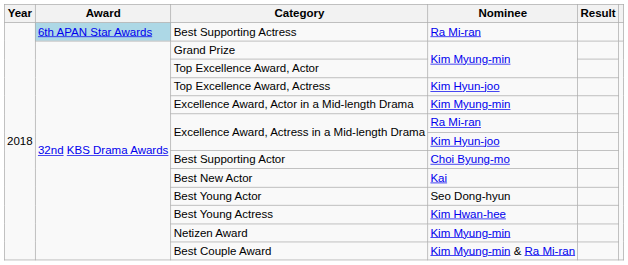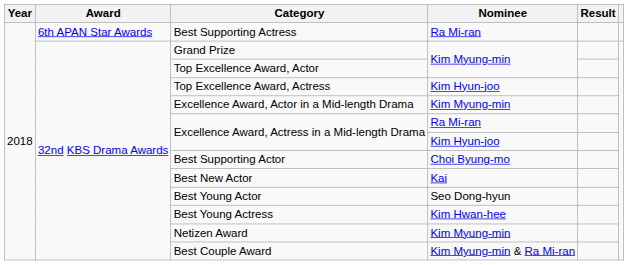 <table class="wikitable">
 <tr>
 <th>Year</th>
 <th>Award</th>
 <th>Category</th>
 <th>Nominee</th>
 <th>Result</th>
 <th></th>
 </tr>
 <tr>
 <td rowspan="13">2018</td>
-<td style="background: lightblue;"><a href='#'>6th APAN Star Awards</a></td>
+<td><a href='#'>6th APAN Star Awards</a></td>
 <td>Best Supporting Actress</td>
 <td><a href='#'>Ra Mi-ran</a></td>
 <td></td>
 <td></td>
 </tr>
 <tr>
 <td rowspan="12"><a href='#'>32nd</a> <a href='#'>KBS Drama Awards</a></td>
 <td>Grand Prize</td>
 <td rowspan="2"><a href='#'>Kim Myung-min</a></td>
 <td></td>
 <td rowspan="12"></td>
 </tr>
 <tr>
 <td>Top Excellence Award, Actor</td>
 <td></td>
 </tr>
 <tr>
 <td>Top Excellence Award, Actress</td>
 <td><a href='#'>Kim Hyun-joo</a></td>
 <td></td>
 </tr>
 <tr>
 <td>Excellence Award, Actor in a Mid-length Drama</td>
 <td><a href='#'>Kim Myung-min</a></td>
 <td></td>
 </tr>
 <tr>
 <td rowspan="2">Excellence Award, Actress in a Mid-length Drama</td>
 <td><a href='#'>Ra Mi-ran</a></td>
 <td></td>
 </tr>
 <tr>
 <td><a href='#'>Kim Hyun-joo</a></td>
 <td></td>
 </tr>
 <tr>
 <td>Best Supporting Actor</td>
 <td><a href='#'>Choi Byung-mo</a></td>
 <td></td>
 </tr>
 <tr>
 <td>Best New Actor</td>
 <td><a href='#'>Kai</a></td>
 <td></td>
 </tr>
 <tr>
 <td>Best Young Actor</td>
 <td>Seo Dong-hyun</td>
 <td></td>
 </tr>
 <tr>
 <td>Best Young Actress</td>
 <td><a href='#'>Kim Hwan-hee</a></td>
 <td></td>
 </tr>
 <tr>
 <td>Netizen Award</td>
 <td><a href='#'>Kim Myung-min</a></td>
 <td></td>
 </tr>
 <tr>
 <td>Best Couple Award</td>
 <td><a href='#'>Kim Myung-min</a> & <a href='#'>Ra Mi-ran</a></td>
 <td></td>
 </tr>
 </table>
